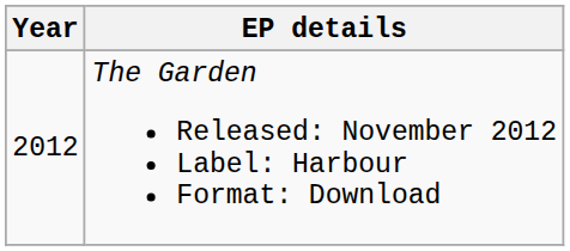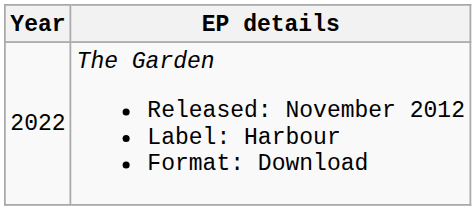 <table class="wikitable" style="text-align:center;">
 <tr>
 <th>Year</th>
 <th>EP details</th>
 </tr>
 <tr>
-<td>2012</td>
+<td>2022</td>
 <td style="text-align:left;"><em>The Garden</em><br><ul><li>Released: November 2012</li><li>Label: Harbour</li><li>Format: Download</li></ul></td>
 </tr>
 </table>
